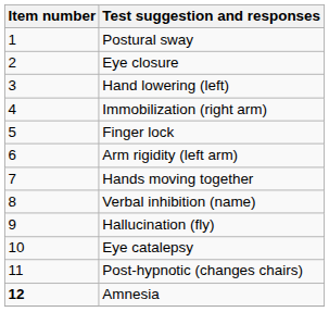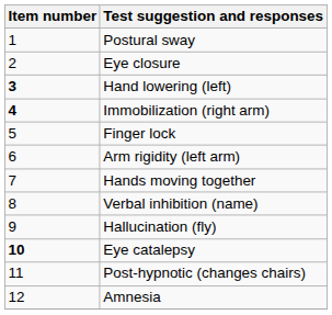 <table class="wikitable">
 <tr>
 <th>Item number</th>
 <th>Test suggestion and responses</th>
 </tr>
 <tr>
 <td>1</td>
 <td>Postural sway</td>
 </tr>
 <tr>
 <td>2</td>
 <td>Eye closure</td>
 </tr>
 <tr>
-<td>3</td>
+<td><strong>3</strong></td>
 <td>Hand lowering (left)</td>
 </tr>
 <tr>
-<td>4</td>
+<td><strong>4</strong></td>
 <td>Immobilization (right arm)</td>
 </tr>
 <tr>
 <td>5</td>
 <td>Finger lock</td>
 </tr>
 <tr>
 <td>6</td>
 <td>Arm rigidity (left arm)</td>
 </tr>
 <tr>
 <td>7</td>
 <td>Hands moving together</td>
 </tr>
 <tr>
 <td>8</td>
 <td>Verbal inhibition (name)</td>
 </tr>
 <tr>
 <td>9</td>
 <td>Hallucination (fly)</td>
 </tr>
 <tr>
-<td>10</td>
+<td><strong>10</strong></td>
 <td>Eye catalepsy</td>
 </tr>
 <tr>
 <td>11</td>
 <td>Post-hypnotic (changes chairs)</td>
 </tr>
 <tr>
-<td><strong>12</strong></td>
+<td>12</td>
 <td>Amnesia</td>
 </tr>
 <tr>
 </tr>
 </table>
